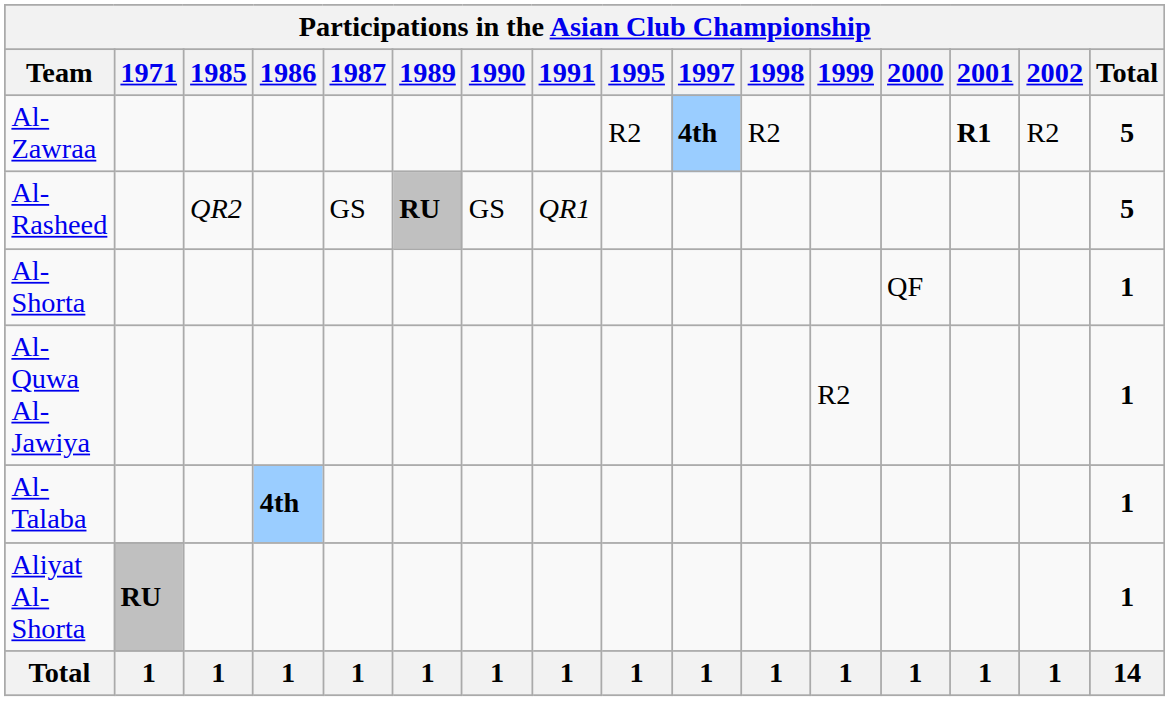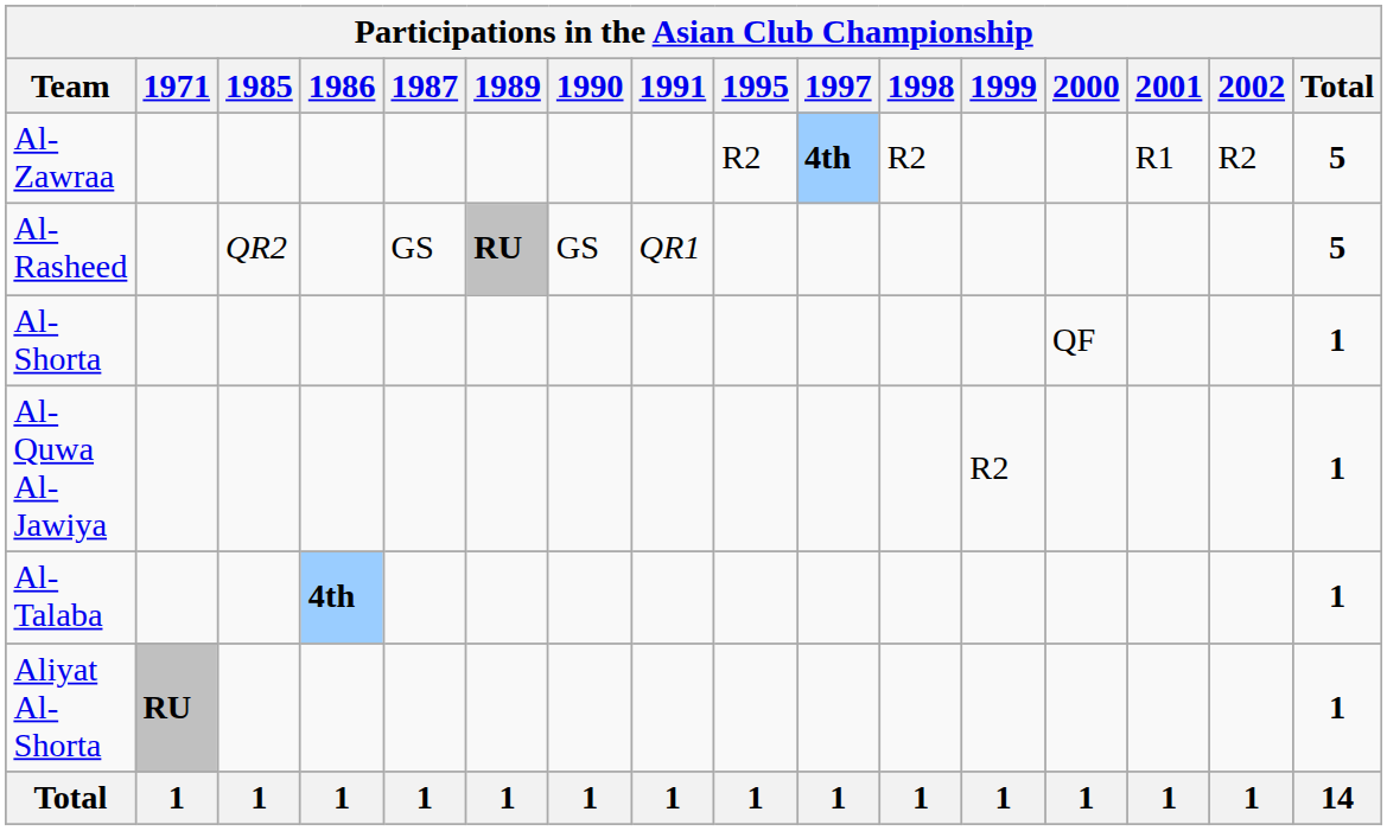 <table class="wikitable" style="text-align:">
 <tr>
 <th colspan=16>Participations in the <a href='#'>Asian Club Championship</a></th>
 </tr>
 <tr>
 <th width=20%>Team</th>
 <th width=5%><a href='#'>1971</a></th>
 <th width=5%><a href='#'>1985</a></th>
 <th width=5%><a href='#'>1986</a></th>
 <th width=5%><a href='#'>1987</a></th>
 <th width=5%><a href='#'>1989</a></th>
 <th width=5%><a href='#'>1990</a></th>
 <th width=5%><a href='#'>1991</a></th>
 <th width=5%><a href='#'>1995</a></th>
 <th width=5%><a href='#'>1997</a></th>
 <th width=5%><a href='#'>1998</a></th>
 <th width=5%><a href='#'>1999</a></th>
 <th width=5%><a href='#'>2000</a></th>
 <th width=5%><a href='#'>2001</a></th>
 <th width=5%><a href='#'>2002</a></th>
 <th width=5%>Total</th>
 </tr>
 <tr>
 <td> <a href='#'>Al-Zawraa</a></td>
 <td></td>
 <td></td>
 <td></td>
 <td></td>
 <td></td>
 <td></td>
 <td></td>
 <td>R2</td>
 <td bgcolor=#9acdff><strong>4th</strong></td>
 <td>R2</td>
 <td></td>
 <td></td>
-<td><strong>R1</strong></td>
+<td>R1</td>
 <td>R2</td>
 <td style="text-align:center"><strong>5</strong></td>
 </tr>
 <tr>
 <td> <a href='#'>Al-Rasheed</a></td>
 <td></td>
 <td><em>QR2</em></td>
 <td></td>
 <td>GS</td>
 <td bgcolor=silver><strong>RU</strong></td>
 <td>GS</td>
 <td><em>QR1</em></td>
 <td></td>
 <td></td>
 <td></td>
 <td></td>
 <td></td>
 <td></td>
 <td></td>
 <td style="text-align:center"><strong>5</strong></td>
 </tr>
 <tr>
 <td> <a href='#'>Al-Shorta</a></td>
 <td></td>
 <td></td>
 <td></td>
 <td></td>
 <td></td>
 <td></td>
 <td></td>
 <td></td>
 <td></td>
 <td></td>
 <td></td>
 <td>QF</td>
 <td></td>
 <td></td>
 <td style="text-align:center"><strong>1</strong></td>
 </tr>
 <tr>
 <td> <a href='#'>Al-Quwa Al-Jawiya</a></td>
 <td></td>
 <td></td>
 <td></td>
 <td></td>
 <td></td>
 <td></td>
 <td></td>
 <td></td>
 <td></td>
 <td></td>
 <td>R2</td>
 <td></td>
 <td></td>
 <td></td>
 <td style="text-align:center"><strong>1</strong></td>
 </tr>
 <tr>
 <td> <a href='#'>Al-Talaba</a></td>
 <td></td>
 <td></td>
 <td bgcolor=#9acdff><strong>4th</strong></td>
 <td></td>
 <td></td>
 <td></td>
 <td></td>
 <td></td>
 <td></td>
 <td></td>
 <td></td>
 <td></td>
 <td></td>
 <td></td>
 <td style="text-align:center"><strong>1</strong></td>
 </tr>
 <tr>
 <td> <a href='#'>Aliyat Al-Shorta</a></td>
 <td bgcolor=silver><strong>RU</strong></td>
 <td></td>
 <td></td>
 <td></td>
 <td></td>
 <td></td>
 <td></td>
 <td></td>
 <td></td>
 <td></td>
 <td></td>
 <td></td>
 <td></td>
 <td></td>
 <td style="text-align:center"><strong>1</strong></td>
 </tr>
 <tr>
 <th><strong>Total</strong></th>
 <th><strong>1</strong></th>
 <th><strong>1</strong></th>
 <th><strong>1</strong></th>
 <th><strong>1</strong></th>
 <th><strong>1</strong></th>
 <th><strong>1</strong></th>
 <th><strong>1</strong></th>
 <th><strong>1</strong></th>
 <th><strong>1</strong></th>
 <th><strong>1</strong></th>
 <th><strong>1</strong></th>
 <th><strong>1</strong></th>
 <th><strong>1</strong></th>
 <th><strong>1</strong></th>
 <th><strong>14</strong></th>
 </tr>
 </table>
